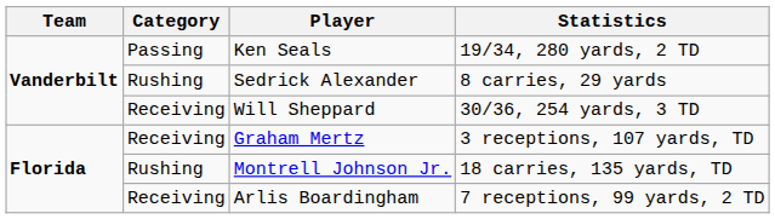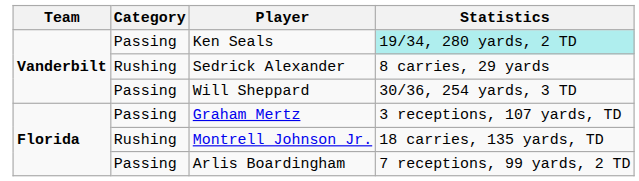 <table class="wikitable" style="float: right;">
 <tr>
 <th>Team</th>
 <th>Category</th>
 <th>Player</th>
 <th>Statistics</th>
 </tr>
 <tr>
 <td rowspan=3><strong>Vanderbilt</strong></td>
 <td>Passing</td>
 <td>Ken Seals</td>
-<td>19/34, 280 yards, 2 TD</td>
+<td style="background: paleturquoise;">19/34, 280 yards, 2 TD</td>
 </tr>
 <tr>
 <td>Rushing</td>
 <td>Sedrick Alexander</td>
 <td>8 carries, 29 yards</td>
 </tr>
 <tr>
-<td>Receiving</td>
+<td>Passing</td>
 <td>Will Sheppard</td>
 <td>30/36, 254 yards, 3 TD</td>
 </tr>
 <tr>
 <td rowspan=3><strong>Florida</strong></td>
-<td>Receiving</td>
+<td>Passing</td>
 <td><a href='#'>Graham Mertz</a></td>
 <td>3 receptions, 107 yards, TD</td>
 </tr>
 <tr>
 <td>Rushing</td>
 <td><a href='#'>Montrell Johnson Jr.</a></td>
 <td>18 carries, 135 yards, TD</td>
 </tr>
 <tr>
-<td>Receiving</td>
+<td>Passing</td>
 <td>Arlis Boardingham</td>
 <td>7 receptions, 99 yards, 2 TD</td>
 </tr>
 </table>
